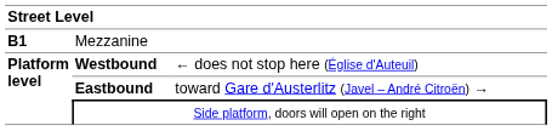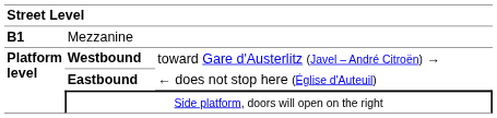 <table cellspacing="0" cellpadding="3" border="0">
 <tr>
 <td colspan="3" data-darkreader-inline-border-top="" data-darkreader-inline-border-bottom="" style="border-bottom:solid 1px gray;border-top:solid 1px gray;" width="50" valign="top"><strong>Street Level</strong></td>
 </tr>
 <tr>
 <td data-darkreader-inline-border-bottom="" style="border-bottom:solid 1px gray;" width="50" valign="top"><strong>B1</strong></td>
 <td colspan="2" data-darkreader-inline-border-bottom="" style="border-bottom:solid 1px gray;" width="100" valign="top">Mezzanine</td>
 </tr>
 <tr>
 <td rowspan="3" style="border-bottom:solid 1px gray;" width="50" valign="top"><strong>Platform level</strong></td>
 <td style="border-bottom:solid 1px gray;" width="100"><strong>Westbound</strong></td>
-<td style="border-bottom:solid 1px gray;" width="390">←   does not stop here <small>(<a href='#'>Église d'Auteuil</a>)</small></td>
+<td>   toward <a href='#'>Gare d'Austerlitz</a> <small>(<a href='#'>Javel – André Citroën</a>)</small> →</td>
 </tr>
 <tr>
 <td><strong>Eastbound</strong></td>
-<td>   toward <a href='#'>Gare d'Austerlitz</a> <small>(<a href='#'>Javel – André Citroën</a>)</small> →</td>
+<td style="border-bottom:solid 1px gray;" width="390">←   does not stop here <small>(<a href='#'>Église d'Auteuil</a>)</small></td>
 </tr>
 <tr>
 <td colspan="2" style="border-top:solid 2px black;border-right:solid 2px black;border-left:solid 2px black;border-bottom:solid 1px gray;text-align:center;"><small><a href='#'>Side platform</a>, doors will open on the right</small></td>
 </tr>
 </table>
